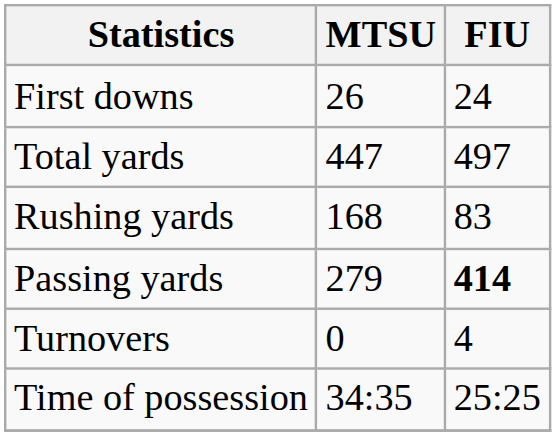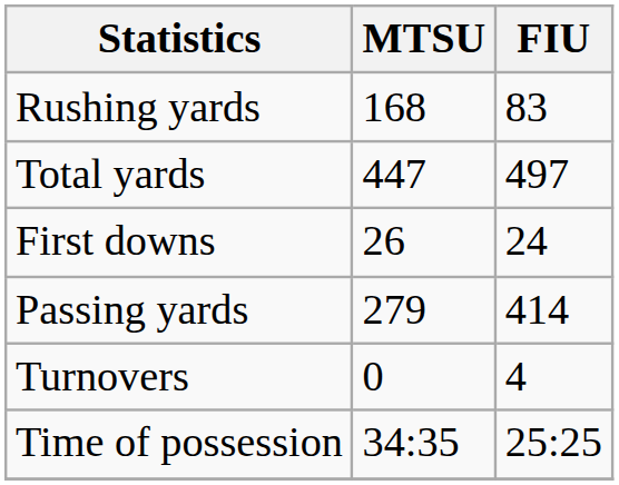 <table class="wikitable">
 <tr>
 <th>Statistics</th>
 <th>MTSU</th>
 <th>FIU</th>
 </tr>
 <tr>
-<td>First downs</td>
-<td>26</td>
-<td>24</td>
+<td>Rushing yards</td>
+<td>168</td>
+<td>83</td>
 </tr>
 <tr>
 <td>Total yards</td>
 <td>447</td>
 <td>497</td>
 </tr>
 <tr>
-<td>Rushing yards</td>
-<td>168</td>
-<td>83</td>
+<td>First downs</td>
+<td>26</td>
+<td>24</td>
 </tr>
 <tr>
 <td>Passing yards</td>
 <td>279</td>
-<td><strong>414</strong></td>
+<td>414</td>
 </tr>
 <tr>
 <td>Turnovers</td>
 <td>0</td>
 <td>4</td>
 </tr>
 <tr>
 <td>Time of possession</td>
 <td>34:35</td>
 <td>25:25</td>
 </tr>
 <tr>
 </tr>
 </table>
